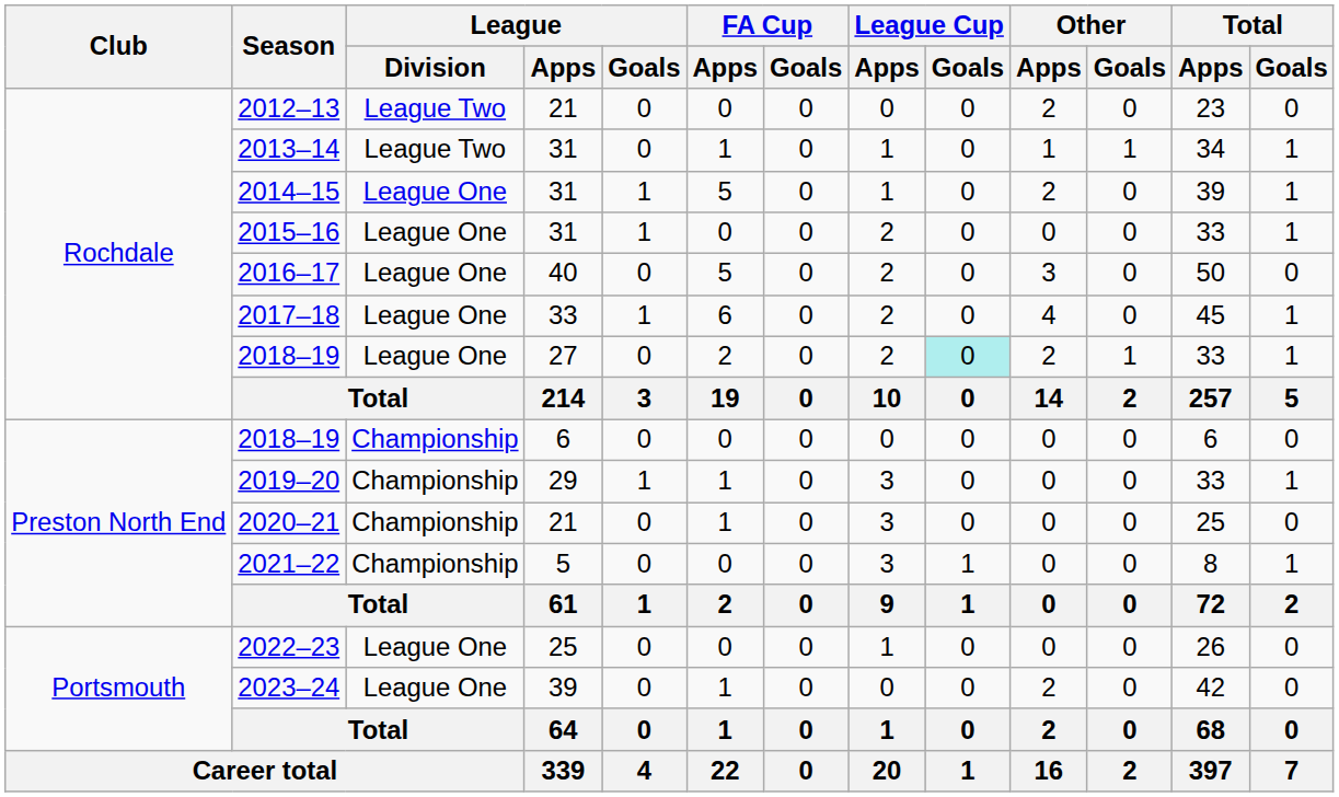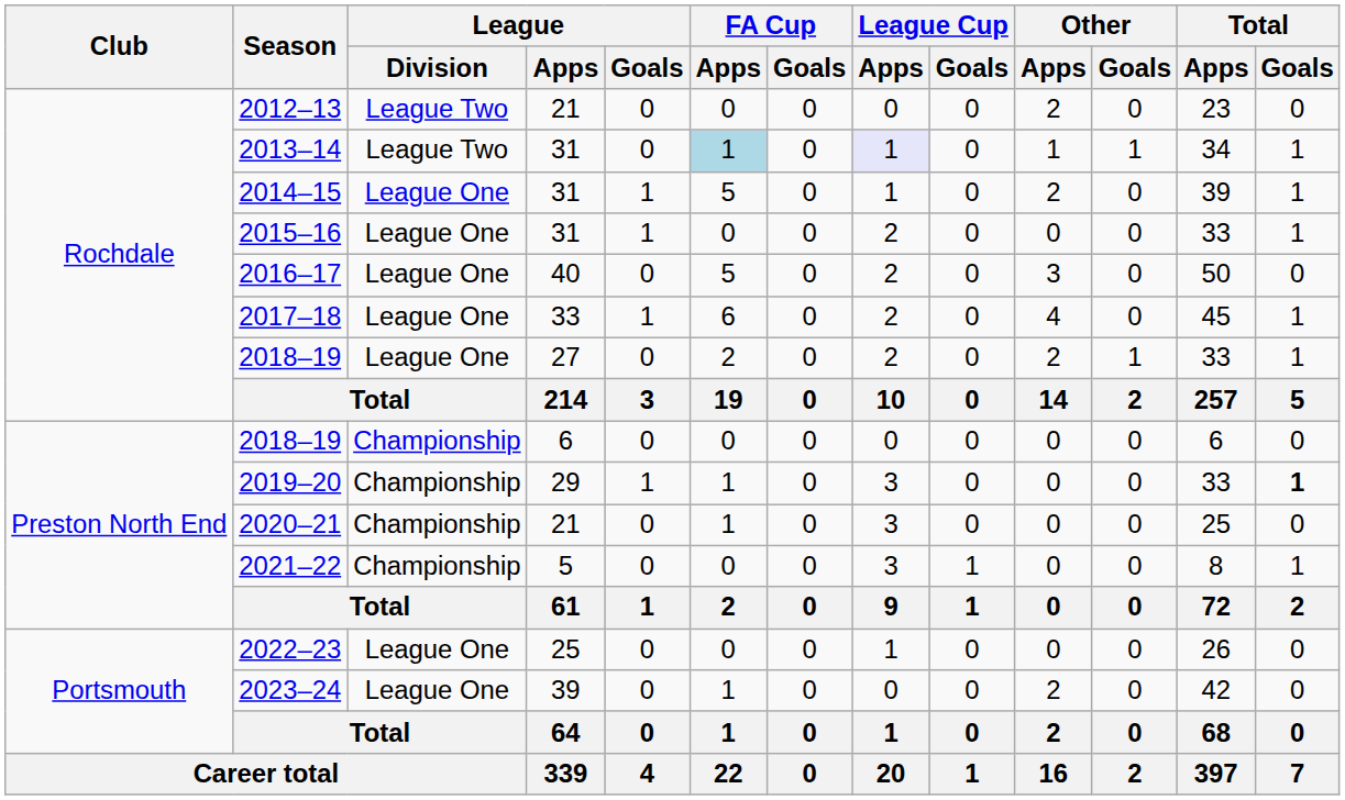 <table class="wikitable" style="text-align: center">
 <tr>
 <th rowspan=2>Club</th>
 <th rowspan=2>Season</th>
 <th colspan=3>League</th>
 <th colspan=2><a href='#'>FA Cup</a></th>
 <th colspan=2><a href='#'>League Cup</a></th>
 <th colspan=2>Other</th>
 <th colspan=2>Total</th>
 </tr>
 <tr>
 <th>Division</th>
 <th>Apps</th>
 <th>Goals</th>
 <th>Apps</th>
 <th>Goals</th>
 <th>Apps</th>
 <th>Goals</th>
 <th>Apps</th>
 <th>Goals</th>
 <th>Apps</th>
 <th>Goals</th>
 </tr>
 <tr>
 <td rowspan="8"><a href='#'>Rochdale</a></td>
 <td><a href='#'>2012–13</a></td>
 <td><a href='#'>League Two</a></td>
 <td>21</td>
 <td>0</td>
 <td>0</td>
 <td>0</td>
 <td>0</td>
 <td>0</td>
 <td>2</td>
 <td>0</td>
 <td>23</td>
 <td>0</td>
 </tr>
 <tr>
 <td><a href='#'>2013–14</a></td>
 <td>League Two</td>
 <td>31</td>
 <td>0</td>
-<td>1</td>
+<td style="background: lightblue;">1</td>
 <td>0</td>
-<td>1</td>
+<td style="background: lavender;">1</td>
 <td>0</td>
 <td>1</td>
 <td>1</td>
 <td>34</td>
 <td>1</td>
 </tr>
 <tr>
 <td><a href='#'>2014–15</a></td>
 <td><a href='#'>League One</a></td>
 <td>31</td>
 <td>1</td>
 <td>5</td>
 <td>0</td>
 <td>1</td>
 <td>0</td>
 <td>2</td>
 <td>0</td>
 <td>39</td>
 <td>1</td>
 </tr>
 <tr>
 <td><a href='#'>2015–16</a></td>
 <td>League One</td>
 <td>31</td>
 <td>1</td>
 <td>0</td>
 <td>0</td>
 <td>2</td>
 <td>0</td>
 <td>0</td>
 <td>0</td>
 <td>33</td>
 <td>1</td>
 </tr>
 <tr>
 <td><a href='#'>2016–17</a></td>
 <td>League One</td>
 <td>40</td>
 <td>0</td>
 <td>5</td>
 <td>0</td>
 <td>2</td>
 <td>0</td>
 <td>3</td>
 <td>0</td>
 <td>50</td>
 <td>0</td>
 </tr>
 <tr>
 <td><a href='#'>2017–18</a></td>
 <td>League One</td>
 <td>33</td>
 <td>1</td>
 <td>6</td>
 <td>0</td>
 <td>2</td>
 <td>0</td>
 <td>4</td>
 <td>0</td>
 <td>45</td>
 <td>1</td>
 </tr>
 <tr>
 <td><a href='#'>2018–19</a></td>
 <td>League One</td>
 <td>27</td>
 <td>0</td>
 <td>2</td>
 <td>0</td>
 <td>2</td>
-<td style="background: paleturquoise;">0</td>
+<td>0</td>
 <td>2</td>
 <td>1</td>
 <td>33</td>
 <td>1</td>
 </tr>
 <tr>
 <th colspan=2>Total</th>
 <th>214</th>
 <th>3</th>
 <th>19</th>
 <th>0</th>
 <th>10</th>
 <th>0</th>
 <th>14</th>
 <th>2</th>
 <th>257</th>
 <th>5</th>
 </tr>
 <tr>
 <td rowspan=5><a href='#'>Preston North End</a></td>
 <td><a href='#'>2018–19</a></td>
 <td><a href='#'>Championship</a></td>
 <td>6</td>
 <td>0</td>
 <td>0</td>
 <td>0</td>
 <td>0</td>
 <td>0</td>
 <td>0</td>
 <td>0</td>
 <td>6</td>
 <td>0</td>
 </tr>
 <tr>
 <td><a href='#'>2019–20</a></td>
 <td>Championship</td>
 <td>29</td>
 <td>1</td>
 <td>1</td>
 <td>0</td>
 <td>3</td>
 <td>0</td>
 <td>0</td>
 <td>0</td>
 <td>33</td>
-<td>1</td>
+<td><strong>1</strong></td>
 </tr>
 <tr>
 <td><a href='#'>2020–21</a></td>
 <td>Championship</td>
 <td>21</td>
 <td>0</td>
 <td>1</td>
 <td>0</td>
 <td>3</td>
 <td>0</td>
 <td>0</td>
 <td>0</td>
 <td>25</td>
 <td>0</td>
 </tr>
 <tr>
 <td><a href='#'>2021–22</a></td>
 <td>Championship</td>
 <td>5</td>
 <td>0</td>
 <td>0</td>
 <td>0</td>
 <td>3</td>
 <td>1</td>
 <td>0</td>
 <td>0</td>
 <td>8</td>
 <td>1</td>
 </tr>
 <tr>
 <th colspan=2>Total</th>
 <th>61</th>
 <th>1</th>
 <th>2</th>
 <th>0</th>
 <th>9</th>
 <th>1</th>
 <th>0</th>
 <th>0</th>
 <th>72</th>
 <th>2</th>
 </tr>
 <tr>
 <td rowspan=3><a href='#'>Portsmouth</a></td>
 <td><a href='#'>2022–23</a></td>
 <td>League One</td>
 <td>25</td>
 <td>0</td>
 <td>0</td>
 <td>0</td>
 <td>1</td>
 <td>0</td>
 <td>0</td>
 <td>0</td>
 <td>26</td>
 <td>0</td>
 </tr>
 <tr>
 <td><a href='#'>2023–24</a></td>
 <td>League One</td>
 <td>39</td>
 <td>0</td>
 <td>1</td>
 <td>0</td>
 <td>0</td>
 <td>0</td>
 <td>2</td>
 <td>0</td>
 <td>42</td>
 <td>0</td>
 </tr>
 <tr>
 <th colspan=2>Total</th>
 <th>64</th>
 <th>0</th>
 <th>1</th>
 <th>0</th>
 <th>1</th>
 <th>0</th>
 <th>2</th>
 <th>0</th>
 <th>68</th>
 <th>0</th>
 </tr>
 <tr>
 <th colspan="3">Career total</th>
 <th>339</th>
 <th>4</th>
 <th>22</th>
 <th>0</th>
 <th>20</th>
 <th>1</th>
 <th>16</th>
 <th>2</th>
 <th>397</th>
 <th>7</th>
 </tr>
 </table>
